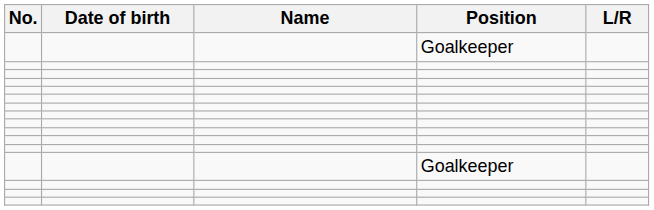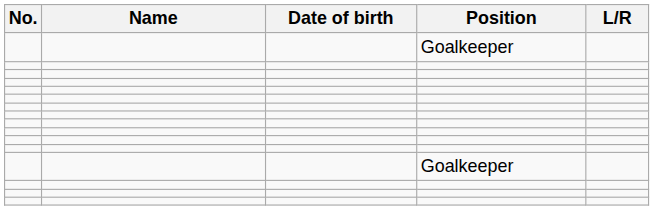 <table class="wikitable sortable" style=font-size:100%; text-align:center;>
 <tr>
 <th>No.</th>
+<th style=width:12em>Name</th>
 <th style=width:8em>Date of birth</th>
-<th style=width:12em>Name</th>
 <th style=width:9em>Position</th>
 <th style=width:3em>L/R</th>
 </tr>
 <tr>
 <td></td>
+<td align=left></td>
 <td align=right></td>
-<td align=left></td>
 <td>Goalkeeper</td>
 <td></td>
 </tr>
 <tr>
 <td></td>
+<td align=left></td>
 <td align=right></td>
-<td align=left></td>
 <td></td>
 <td></td>
 </tr>
 <tr>
 <td></td>
+<td align=left></td>
 <td align=right></td>
-<td align=left></td>
 <td></td>
 <td></td>
 </tr>
 <tr>
 <td></td>
+<td align=left></td>
 <td align=right></td>
-<td align=left></td>
 <td></td>
 <td></td>
 </tr>
 <tr>
 <td></td>
+<td align=left></td>
 <td align=right></td>
-<td align=left></td>
 <td></td>
 <td></td>
 </tr>
 <tr>
 <td></td>
+<td align=left></td>
 <td align=right></td>
-<td align=left></td>
 <td></td>
 <td></td>
 </tr>
 <tr>
 <td></td>
+<td align=left></td>
 <td align=right></td>
-<td align=left></td>
 <td></td>
 <td></td>
 </tr>
 <tr>
 <td></td>
+<td align=left></td>
 <td align=right></td>
-<td align=left></td>
 <td></td>
 <td></td>
 </tr>
 <tr>
 <td></td>
+<td align=left></td>
 <td align=right></td>
-<td align=left></td>
 <td></td>
 <td></td>
 </tr>
 <tr>
 <td></td>
+<td align=left></td>
 <td align=right></td>
-<td align=left></td>
 <td></td>
 <td></td>
 </tr>
 <tr>
 <td></td>
+<td align=left></td>
 <td align=right></td>
-<td align=left></td>
 <td></td>
 <td></td>
 </tr>
 <tr>
 <td></td>
+<td align=left></td>
 <td align=right></td>
-<td align=left></td>
 <td></td>
 <td></td>
 </tr>
 <tr>
 <td></td>
+<td align=left></td>
 <td align=right></td>
-<td align=left></td>
 <td>Goalkeeper</td>
 <td></td>
 </tr>
 <tr>
 <td></td>
+<td align=left></td>
 <td align=right></td>
-<td align=left></td>
 <td></td>
 <td></td>
 </tr>
 <tr>
 <td></td>
+<td align=left></td>
 <td align=right></td>
-<td align=left></td>
 <td></td>
 <td></td>
 </tr>
 <tr>
 <td></td>
+<td align=left></td>
 <td align=right></td>
-<td align=left></td>
 <td></td>
 <td></td>
 </tr>
 </table>
